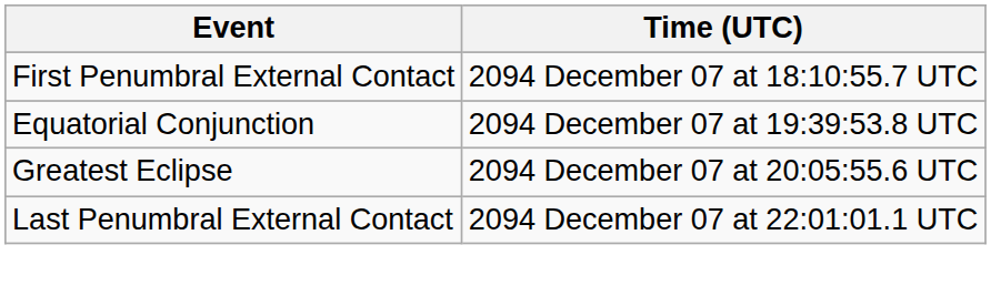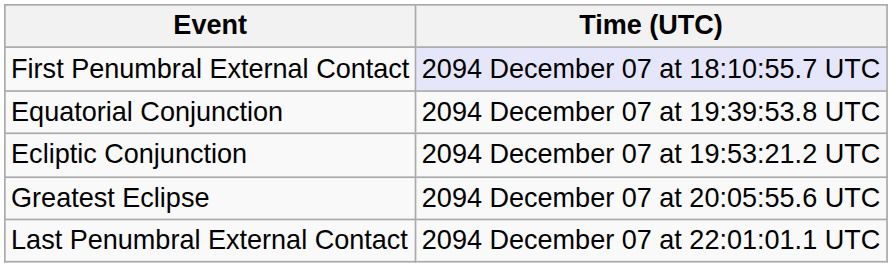 <table class="wikitable">
 <tr>
 <th>Event</th>
 <th>Time (UTC)</th>
 </tr>
 <tr>
 <td>First Penumbral External Contact</td>
-<td>2094 December 07 at 18:10:55.7 UTC</td>
+<td style="background: lavender;">2094 December 07 at 18:10:55.7 UTC</td>
 </tr>
 <tr>
 <td>Equatorial Conjunction</td>
 <td>2094 December 07 at 19:39:53.8 UTC</td>
+</tr>
+<tr>
+<td>Ecliptic Conjunction</td>
+<td>2094 December 07 at 19:53:21.2 UTC</td>
 </tr>
 <tr>
 <td>Greatest Eclipse</td>
 <td>2094 December 07 at 20:05:55.6 UTC</td>
 </tr>
 <tr>
 <td>Last Penumbral External Contact</td>
 <td>2094 December 07 at 22:01:01.1 UTC</td>
 </tr>
 </table>
